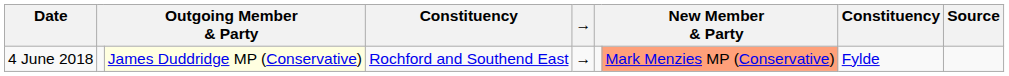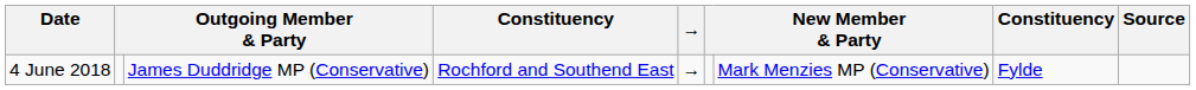 <table class="wikitable">
 <tr>
 <th valign="top">Date</th>
 <th colspan="2" valign="top">Outgoing Member<br>& Party</th>
 <th valign="top">Constituency</th>
 <th>→</th>
 <th colspan="2" valign="top">New Member<br>& Party</th>
 <th valign="top">Constituency</th>
 <th valign="top">Source</th>
 </tr>
 <tr>
 <td>4 June 2018</td>
 <td style="color:inherit;background:"></td>
-<td style="background: lightyellow;"><a href='#'>James Duddridge</a> MP (<a href='#'>Conservative</a>)</td>
+<td><a href='#'>James Duddridge</a> MP (<a href='#'>Conservative</a>)</td>
 <td><a href='#'>Rochford and Southend East</a></td>
 <td>→</td>
 <td style="color:inherit;background:"></td>
-<td style="background: lightsalmon;"><a href='#'>Mark Menzies</a> MP (<a href='#'>Conservative</a>)</td>
+<td><a href='#'>Mark Menzies</a> MP (<a href='#'>Conservative</a>)</td>
 <td><a href='#'>Fylde</a></td>
 <td></td>
 </tr>
 </table>
